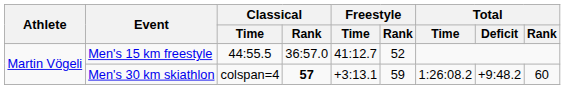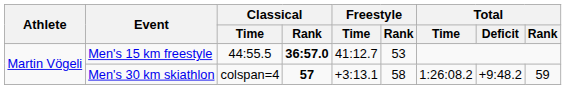 <table class="wikitable" style="font-size:90%">
 <tr>
 <th rowspan=2>Athlete</th>
 <th rowspan=2>Event</th>
 <th colspan=2>Classical</th>
 <th colspan=2>Freestyle</th>
 <th colspan=3>Total</th>
 </tr>
 <tr style="font-size: 95%">
 <th>Time</th>
 <th>Rank</th>
 <th>Time</th>
 <th>Rank</th>
 <th>Time</th>
 <th>Deficit</th>
 <th>Rank</th>
 </tr>
 <tr align=center>
 <td align=left rowspan=2><a href='#'>Martin Vögeli</a></td>
 <td align=left><a href='#'>Men's 15 km freestyle</a></td>
 <td>44:55.5</td>
-<td>36:57.0</td>
+<td><strong>36:57.0</strong></td>
 <td>41:12.7</td>
-<td>52</td>
+<td>53</td>
 </tr>
 <tr align=center>
 <td align=left><a href='#'>Men's 30 km skiathlon</a></td>
 <td>colspan=4 </td>
 <td><strong>57</strong></td>
 <td>+3:13.1</td>
-<td>59</td>
+<td>58</td>
 <td>1:26:08.2</td>
 <td>+9:48.2</td>
-<td>60</td>
+<td>59</td>
 </tr>
 </table>
